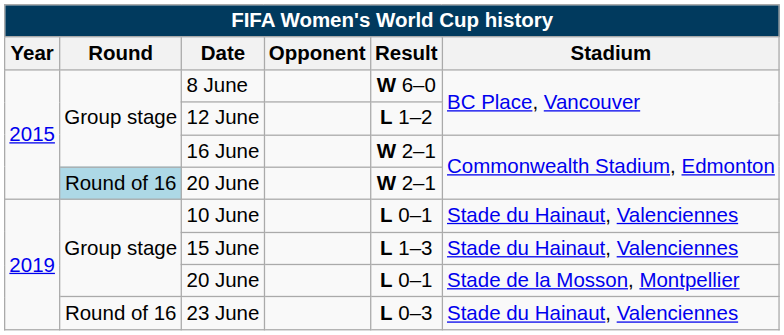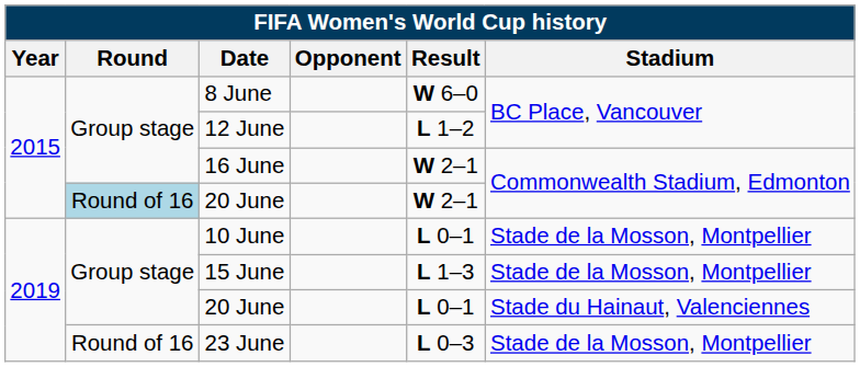 <table class="wikitable" style="text-align: center;font-size:100%;">
 <tr>
 <th colspan=6 style="background: #013A5E; color: #FFFFFF;">FIFA Women's World Cup history</th>
 </tr>
 <tr>
 <th>Year</th>
 <th>Round</th>
 <th>Date</th>
 <th>Opponent</th>
 <th>Result</th>
 <th>Stadium</th>
 </tr>
 <tr>
 <td rowspan=4> <a href='#'>2015</a></td>
 <td rowspan=3>Group stage</td>
 <td align="left">8 June</td>
 <td align="left"></td>
 <td><strong>W</strong> 6–0</td>
 <td rowspan=2 align="left"><a href='#'>BC Place</a>, <a href='#'>Vancouver</a></td>
 </tr>
 <tr>
 <td align="left">12 June</td>
 <td align="left"></td>
 <td><strong>L</strong> 1–2</td>
 </tr>
 <tr>
 <td align="left">16 June</td>
 <td align="left"></td>
 <td><strong>W</strong> 2–1</td>
 <td rowspan=2 align="left"><a href='#'>Commonwealth Stadium</a>, <a href='#'>Edmonton</a></td>
 </tr>
 <tr>
 <td style="background: lightblue;">Round of 16</td>
 <td align="left">20 June</td>
 <td align="left"></td>
 <td><strong>W</strong> 2–1</td>
 </tr>
 <tr>
 <td rowspan=4> <a href='#'>2019</a></td>
 <td rowspan=3>Group stage</td>
 <td align="left">10 June</td>
 <td align="left"></td>
 <td><strong>L</strong> 0–1</td>
-<td align="left"><a href='#'>Stade du Hainaut</a>, <a href='#'>Valenciennes</a></td>
+<td align="left"><a href='#'>Stade de la Mosson</a>, <a href='#'>Montpellier</a></td>
 </tr>
 <tr>
 <td align="left">15 June</td>
 <td align="left"></td>
 <td><strong>L</strong> 1–3</td>
-<td align="left"><a href='#'>Stade du Hainaut</a>, <a href='#'>Valenciennes</a></td>
+<td align="left"><a href='#'>Stade de la Mosson</a>, <a href='#'>Montpellier</a></td>
 </tr>
 <tr>
 <td align="left">20 June</td>
 <td align="left"></td>
 <td><strong>L</strong> 0–1</td>
-<td align="left"><a href='#'>Stade de la Mosson</a>, <a href='#'>Montpellier</a></td>
+<td align="left"><a href='#'>Stade du Hainaut</a>, <a href='#'>Valenciennes</a></td>
 </tr>
 <tr>
 <td>Round of 16</td>
 <td align="left">23 June</td>
 <td align="left"></td>
 <td><strong>L</strong> 0–3</td>
-<td align="left"><a href='#'>Stade du Hainaut</a>, <a href='#'>Valenciennes</a></td>
+<td align="left"><a href='#'>Stade de la Mosson</a>, <a href='#'>Montpellier</a></td>
 </tr>
 </table>
